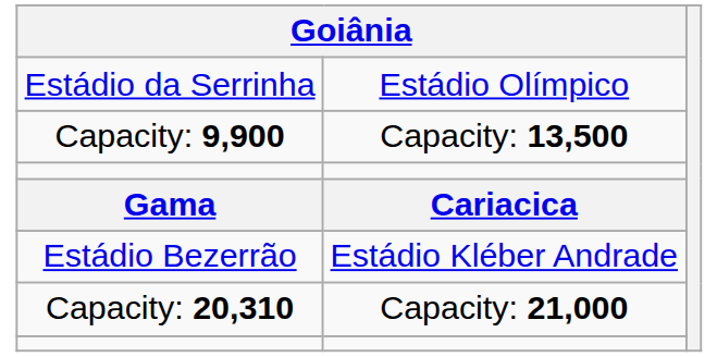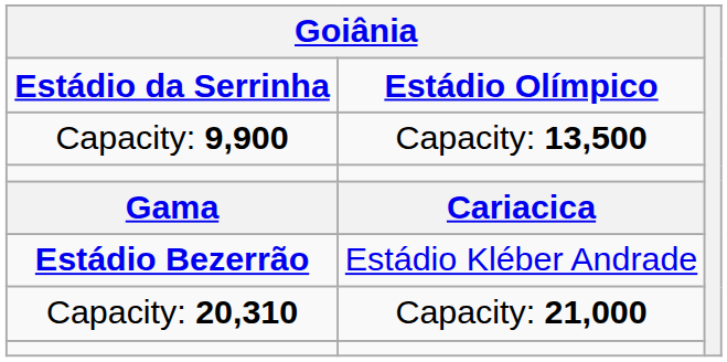 <table class="wikitable" style="margin:1em auto; text-align: center;">
 <tr>
 <th colspan="2"><a href='#'>Goiânia</a></th>
 <th rowspan="8"></th>
 </tr>
 <tr>
-<td><a href='#'>Estádio da Serrinha</a></td>
-<td><a href='#'>Estádio Olímpico</a></td>
+<td><strong><a href='#'>Estádio da Serrinha</a></strong></td>
+<td><strong><a href='#'>Estádio Olímpico</a></strong></td>
 </tr>
 <tr>
 <td>Capacity: <strong>9,900</strong></td>
 <td>Capacity: <strong>13,500</strong></td>
 </tr>
 <tr>
 <td></td>
 <td></td>
 </tr>
 <tr>
 <th><a href='#'>Gama</a><br></th>
 <th><a href='#'>Cariacica</a><br></th>
 </tr>
 <tr>
-<td><a href='#'>Estádio Bezerrão</a></td>
+<td><strong><a href='#'>Estádio Bezerrão</a></strong></td>
 <td><a href='#'>Estádio Kléber Andrade</a></td>
 </tr>
 <tr>
 <td>Capacity: <strong>20,310</strong></td>
 <td>Capacity: <strong>21,000</strong></td>
 </tr>
 <tr>
 <td></td>
 <td></td>
 </tr>
 </table>
